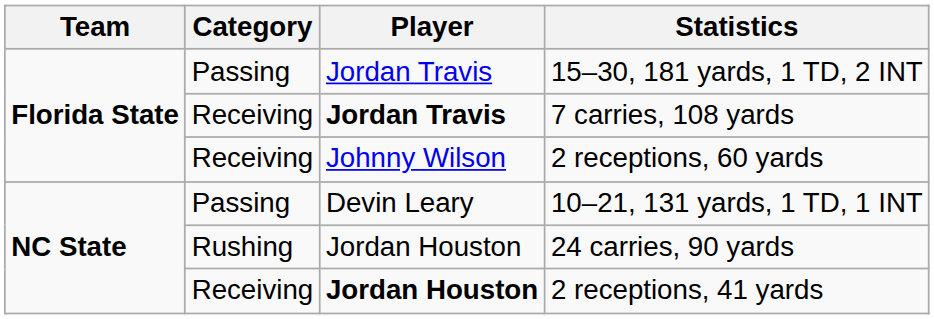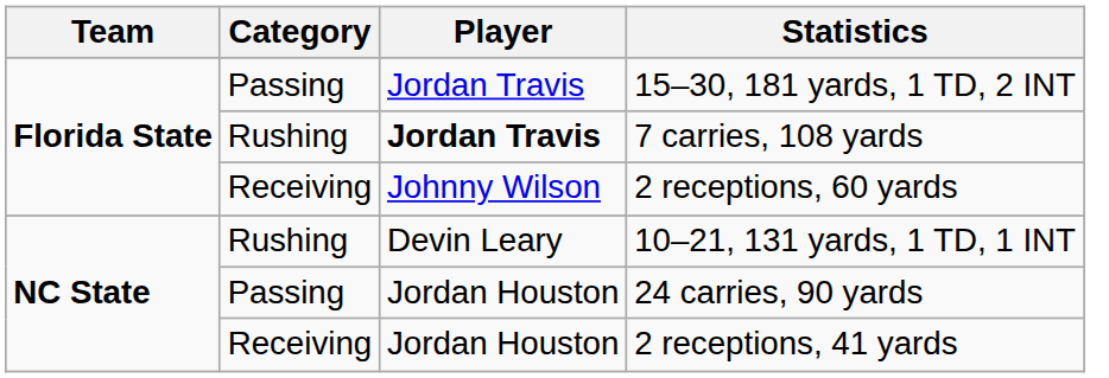 <table class="wikitable" style="float: left;">
 <tr>
 <th>Team</th>
 <th>Category</th>
 <th>Player</th>
 <th>Statistics</th>
 </tr>
 <tr>
 <td rowspan=3><strong>Florida State</strong></td>
 <td>Passing</td>
 <td><a href='#'>Jordan Travis</a></td>
 <td>15–30, 181 yards, 1 TD, 2 INT</td>
 </tr>
 <tr>
-<td>Receiving</td>
+<td>Rushing</td>
 <td><strong>Jordan Travis</strong></td>
 <td>7 carries, 108 yards</td>
 </tr>
 <tr>
 <td>Receiving</td>
 <td><a href='#'>Johnny Wilson</a></td>
 <td>2 receptions, 60 yards</td>
 </tr>
 <tr>
 <td rowspan=3><strong>NC State</strong></td>
-<td>Passing</td>
+<td>Rushing</td>
 <td>Devin Leary</td>
 <td>10–21, 131 yards, 1 TD, 1 INT</td>
 </tr>
 <tr>
-<td>Rushing</td>
+<td>Passing</td>
 <td>Jordan Houston</td>
 <td>24 carries, 90 yards</td>
 </tr>
 <tr>
 <td>Receiving</td>
-<td><strong>Jordan Houston</strong></td>
+<td>Jordan Houston</td>
 <td>2 receptions, 41 yards</td>
 </tr>
 </table>
